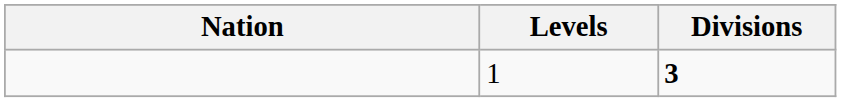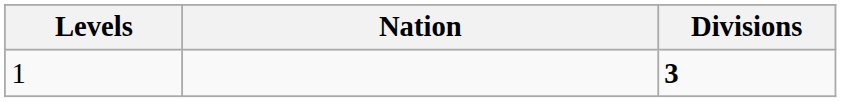 <table class="wikitable">
 <tr>
+<th width=15%>Levels</th>
 <th width=40%>Nation</th>
-<th width=15%>Levels</th>
 <th width=15%>Divisions</th>
 </tr>
 <tr>
+<td>1</td>
 <td></td>
-<td>1</td>
 <td><strong>3</strong></td>
 </tr>
 </table>
